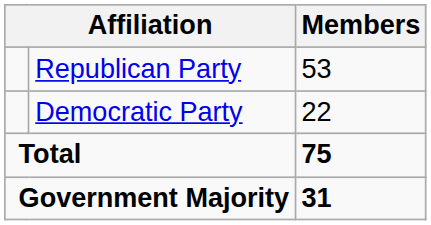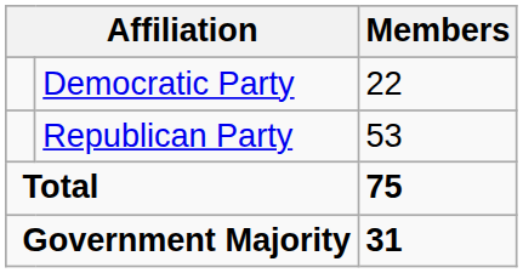 <table class="wikitable">
 <tr>
 <th colspan="2">Affiliation</th>
 <th>Members</th>
 </tr>
 <tr>
 <td style="background-color:"> </td>
-<td><a href='#'>Republican Party</a></td>
-<td>53</td>
+<td><a href='#'>Democratic Party</a></td>
+<td>22</td>
 </tr>
 <tr>
 <td style="background-color:"> </td>
-<td><a href='#'>Democratic Party</a></td>
-<td>22</td>
+<td><a href='#'>Republican Party</a></td>
+<td>53</td>
 </tr>
 <tr>
 <td colspan="2" rowspan="1"> <strong>Total</strong><br></td>
 <td><strong>75</strong></td>
 </tr>
 <tr>
 <td colspan="2" rowspan="1"> <strong>Government Majority</strong><br></td>
 <td><strong>31</strong></td>
 </tr>
 </table>
